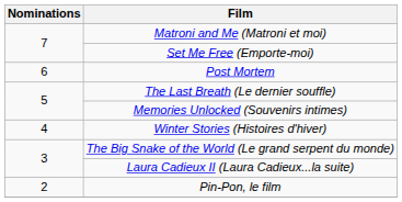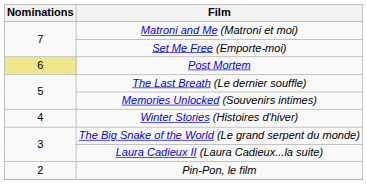 <table class="wikitable" style="text-align:center;">
 <tr>
 <th scope="col" width="17">Nominations</th>
 <th scope="col" align="center">Film</th>
 </tr>
 <tr>
 <td rowspan="2" style="text-align:center;">7</td>
 <td><em><a href='#'>Matroni and Me</a> (Matroni et moi)</em></td>
 </tr>
 <tr>
 <td><em><a href='#'>Set Me Free</a> (Emporte-moi)</em></td>
 </tr>
 <tr>
-<td rowspan="1" style="text-align:center;">6</td>
+<td rowspan="1" style="background: khaki; text-align:center;">6</td>
 <td><em><a href='#'>Post Mortem</a></em></td>
 </tr>
 <tr>
 <td rowspan="2" style="text-align:center;">5</td>
 <td><em><a href='#'>The Last Breath</a> (Le dernier souffle)</em></td>
 </tr>
 <tr>
 <td><em><a href='#'>Memories Unlocked</a> (Souvenirs intimes)</em></td>
 </tr>
 <tr>
 <td rowspan="1" style="text-align:center;">4</td>
 <td><em><a href='#'>Winter Stories</a> (Histoires d'hiver)</em></td>
 </tr>
 <tr>
 <td rowspan="2" style="text-align:center;">3</td>
 <td><em><a href='#'>The Big Snake of the World</a> (Le grand serpent du monde)</em></td>
 </tr>
 <tr>
 <td><em><a href='#'>Laura Cadieux II</a> (Laura Cadieux...la suite)</em></td>
 </tr>
 <tr>
 <td rowspan="1" style="text-align:center;">2</td>
 <td><em>Pin-Pon, le film</em></td>
 </tr>
 <tr>
 </tr>
 </table>
